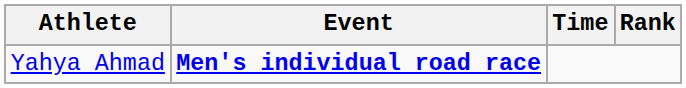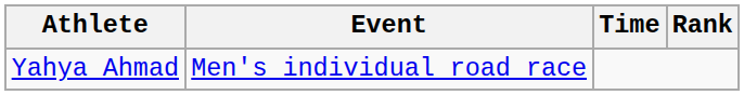 <table class=wikitable style="font-size:90%;">
 <tr>
 <th>Athlete</th>
 <th>Event</th>
 <th>Time</th>
 <th>Rank</th>
 </tr>
 <tr align=center>
 <td align=left><a href='#'>Yahya Ahmad</a></td>
-<td align=left><strong><a href='#'>Men's individual road race</a></strong></td>
+<td align=left><a href='#'>Men's individual road race</a></td>
 <td colspan=2></td>
 </tr>
 </table>
